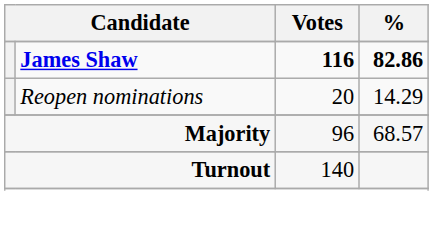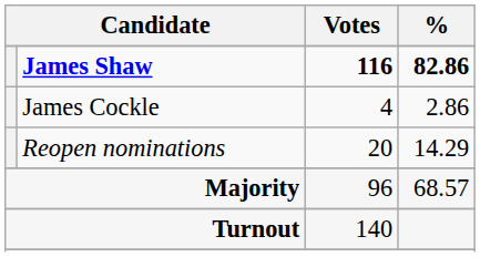 <table class="wikitable" style="font-size: 95%;">
 <tr style="background-color:#E9E9E9">
 <th colspan="2" style="width: 170px">Candidate</th>
 <th style="width: 50px">Votes</th>
 <th style="width: 40px">%</th>
 </tr>
 <tr>
 </tr>
 <tr>
 <th style="background-color: "></th>
 <td style="width: 170px"><strong><a href='#'>James Shaw</a></strong></td>
 <td align="right"><strong>116</strong></td>
 <td align="right"><strong>82.86</strong></td>
+</tr>
+<tr>
+<th style="background-color: "></th>
+<td style="width: 170px">James Cockle</td>
+<td align="right">4</td>
+<td align="right">2.86</td>
 </tr>
 <tr>
 <th scope="row"></th>
 <td><em>Reopen nominations</em></td>
 <td align="right">20</td>
 <td align="right">14.29</td>
 </tr>
 <tr>
 </tr>
 <tr style="background-color:#F6F6F6">
 <td colspan="2" align="right"><strong>Majority</strong></td>
 <td align="right">96</td>
 <td align="right">68.57</td>
 </tr>
 <tr>
 </tr>
 <tr style="background-color:#F6F6F6">
 <td colspan="2" align="right"><strong>Turnout</strong></td>
 <td align="right">140</td>
 <td></td>
 </tr>
 <tr>
 </tr>
 <tr style="background-color:#F6F6F6">
 </tr>
 </table>
